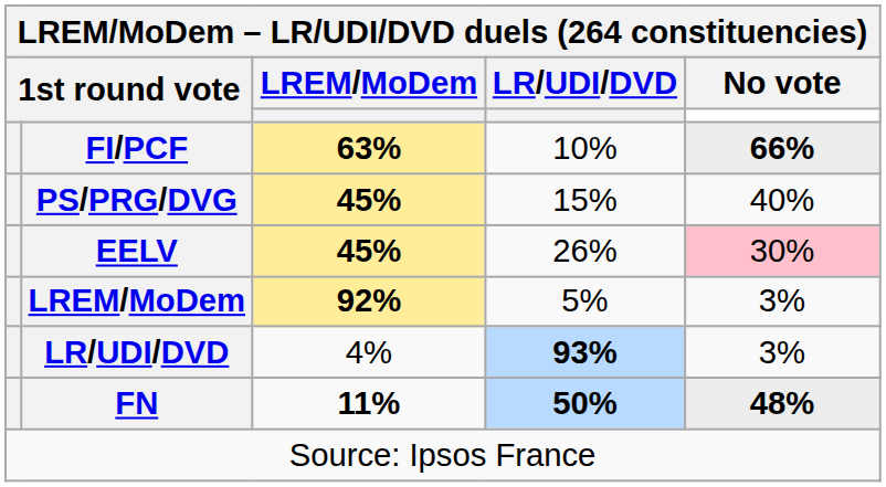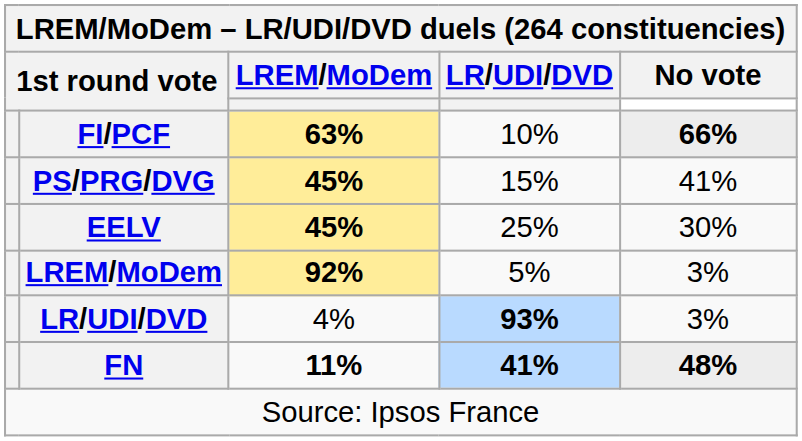 <table class="wikitable sortable" style="font-size:90%;text-align:center;">
 <tr>
 <th colspan="5">LREM/MoDem – LR/UDI/DVD duels (264 constituencies)</th>
 </tr>
 <tr>
 <th scope="col" colspan="2" rowspan="2" class="unsortable" style="width:80px;">1st round vote</th>
 <th scope="col" style="width:80px;"><a href='#'>LREM</a>/<a href='#'>MoDem</a></th>
 <th scope="col" style="width:80px;"><a href='#'>LR</a>/<a href='#'>UDI</a>/<a href='#'>DVD</a></th>
 <th scope="col" style="width:80px;">No vote</th>
 </tr>
 <tr>
 <th style="background:"></th>
 <th style="background:"></th>
 <th style="background:#FFFFFF;"></th>
 </tr>
 <tr>
 <th style="background:"></th>
 <th><a href='#'>FI</a>/<a href='#'>PCF</a></th>
 <td style="background:#FFED99;"><strong>63%</strong></td>
 <td>10%</td>
 <td style="background:#EDEDED;"><strong>66%</strong></td>
 </tr>
 <tr>
 <th style="background:"></th>
 <th><a href='#'>PS</a>/<a href='#'>PRG</a>/<a href='#'>DVG</a></th>
 <td style="background:#FFED99;"><strong>45%</strong></td>
 <td>15%</td>
-<td>40%</td>
+<td>41%</td>
 </tr>
 <tr>
 <th style="background:"></th>
 <th><a href='#'>EELV</a></th>
 <td style="background:#FFED99;"><strong>45%</strong></td>
-<td>26%</td>
-<td style="background: pink;">30%</td>
+<td>25%</td>
+<td>30%</td>
 </tr>
 <tr>
 <th style="background:"></th>
 <th><a href='#'>LREM</a>/<a href='#'>MoDem</a></th>
 <td style="background:#FFED99;"><strong>92%</strong></td>
 <td>5%</td>
 <td>3%</td>
 </tr>
 <tr>
 <th style="background:"></th>
 <th><a href='#'>LR</a>/<a href='#'>UDI</a>/<a href='#'>DVD</a></th>
 <td>4%</td>
 <td style="background:#B9DAFF;"><strong>93%</strong></td>
 <td>3%</td>
 </tr>
 <tr>
 <th style="background:"></th>
 <th><a href='#'>FN</a></th>
 <td><strong>11%</strong></td>
-<td style="background:#B9DAFF;"><strong>50%</strong></td>
+<td style="background:#B9DAFF;"><strong>41%</strong></td>
 <td style="background:#EDEDED;"><strong>48%</strong></td>
 </tr>
 <tr class="sortbottom">
 <td colspan="5">Source: Ipsos France</td>
 </tr>
 </table>
